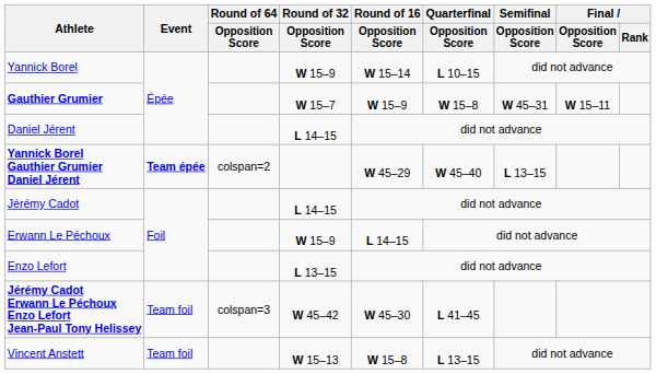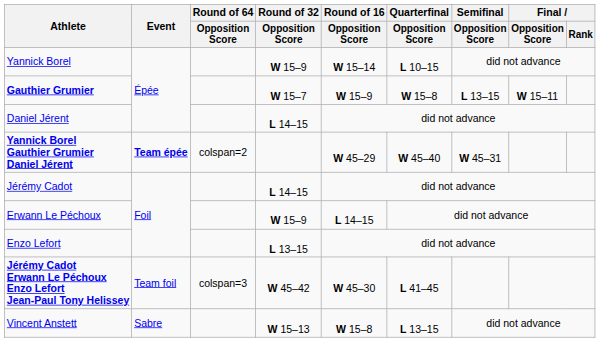 <table class="wikitable" style="font-size:90%">
 <tr>
 <th rowspan=2>Athlete</th>
 <th rowspan=2>Event</th>
 <th>Round of 64</th>
 <th>Round of 32</th>
 <th>Round of 16</th>
 <th>Quarterfinal</th>
 <th>Semifinal</th>
 <th colspan=2>Final / </th>
 </tr>
 <tr style="font-size:95%">
 <th>Opposition<br>Score</th>
 <th>Opposition<br>Score</th>
 <th>Opposition<br>Score</th>
 <th>Opposition<br>Score</th>
 <th>Opposition<br>Score</th>
 <th>Opposition<br>Score</th>
 <th>Rank</th>
 </tr>
 <tr align=center>
 <td align=left><a href='#'>Yannick Borel</a></td>
 <td style="text-align:left;" rowspan="3"><a href='#'>Épée</a></td>
 <td></td>
 <td><br><strong>W</strong> 15–9</td>
 <td><br><strong>W</strong> 15–14</td>
 <td><br><strong>L</strong> 10–15</td>
 <td colspan=3>did not advance</td>
 </tr>
 <tr align=center>
 <td align=left><strong><a href='#'>Gauthier Grumier</a></strong></td>
 <td></td>
 <td><br><strong>W</strong> 15–7</td>
 <td><br><strong>W</strong> 15–9</td>
 <td><br><strong>W</strong> 15–8</td>
-<td><br><strong>W</strong> 45–31</td>
+<td><br><strong>L</strong> 13–15</td>
 <td><br><strong>W</strong> 15–11</td>
 <td></td>
 </tr>
 <tr align=center>
 <td align=left><a href='#'>Daniel Jérent</a></td>
 <td></td>
 <td><br><strong>L</strong> 14–15</td>
 <td colspan=5>did not advance</td>
 </tr>
 <tr align=center>
 <td align=left><strong><a href='#'>Yannick Borel</a><br><a href='#'>Gauthier Grumier</a><br><a href='#'>Daniel Jérent</a></strong></td>
 <td align=left><strong><a href='#'>Team épée</a></strong></td>
 <td>colspan=2 </td>
 <td></td>
 <td><br><strong>W</strong> 45–29</td>
 <td><br><strong>W</strong> 45–40</td>
-<td><br><strong>L</strong> 13–15</td>
+<td><br><strong>W</strong> 45–31</td>
 <td></td>
 </tr>
 <tr align=center>
 <td align=left><a href='#'>Jérémy Cadot</a></td>
 <td style="text-align:left;" rowspan="3"><a href='#'>Foil</a></td>
 <td></td>
 <td><br><strong>L</strong> 14–15</td>
 <td colspan=5>did not advance</td>
 </tr>
 <tr align=center>
 <td align=left><a href='#'>Erwann Le Péchoux</a></td>
 <td></td>
 <td><br><strong>W</strong> 15–9</td>
 <td><br><strong>L</strong> 14–15</td>
 <td colspan=4>did not advance</td>
 </tr>
 <tr align=center>
 <td align=left><a href='#'>Enzo Lefort</a></td>
 <td></td>
 <td><br><strong>L</strong> 13–15</td>
 <td colspan=5>did not advance</td>
 </tr>
 <tr align=center>
 <td align=left><strong><a href='#'>Jérémy Cadot</a><br><a href='#'>Erwann Le Péchoux</a><br><a href='#'>Enzo Lefort</a><br><a href='#'>Jean-Paul Tony Helissey</a></strong></td>
 <td align=left><a href='#'>Team foil</a></td>
 <td>colspan=3 </td>
 <td><br><strong>W</strong> 45–42</td>
 <td><br><strong>W</strong> 45–30</td>
 <td><br><strong>L</strong> 41–45</td>
 <td></td>
 </tr>
 <tr align=center>
 <td align=left><a href='#'>Vincent Anstett</a></td>
-<td align=left><a href='#'>Team foil</a></td>
+<td align=left><a href='#'>Sabre</a></td>
 <td></td>
 <td><br><strong>W</strong> 15–13</td>
 <td><br><strong>W</strong> 15–8</td>
 <td><br><strong>L</strong> 13–15</td>
 <td colspan=3>did not advance</td>
 </tr>
 </table>
